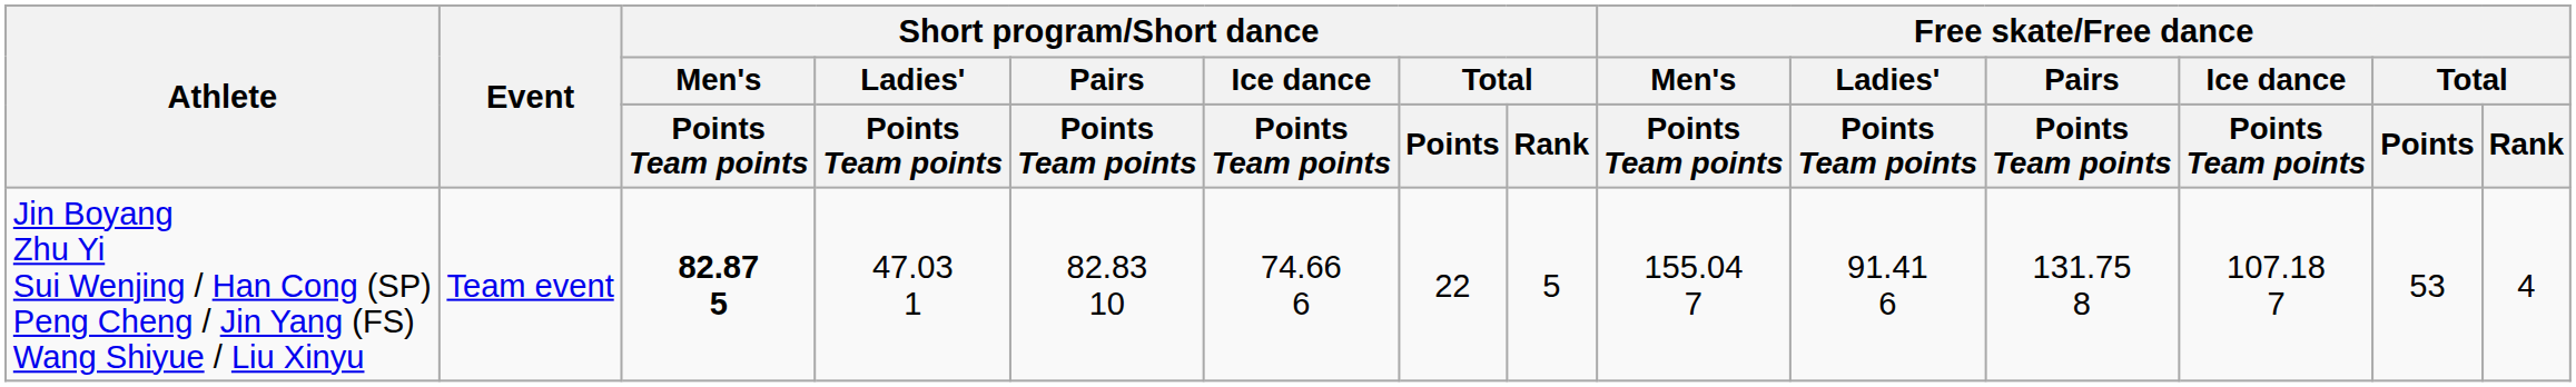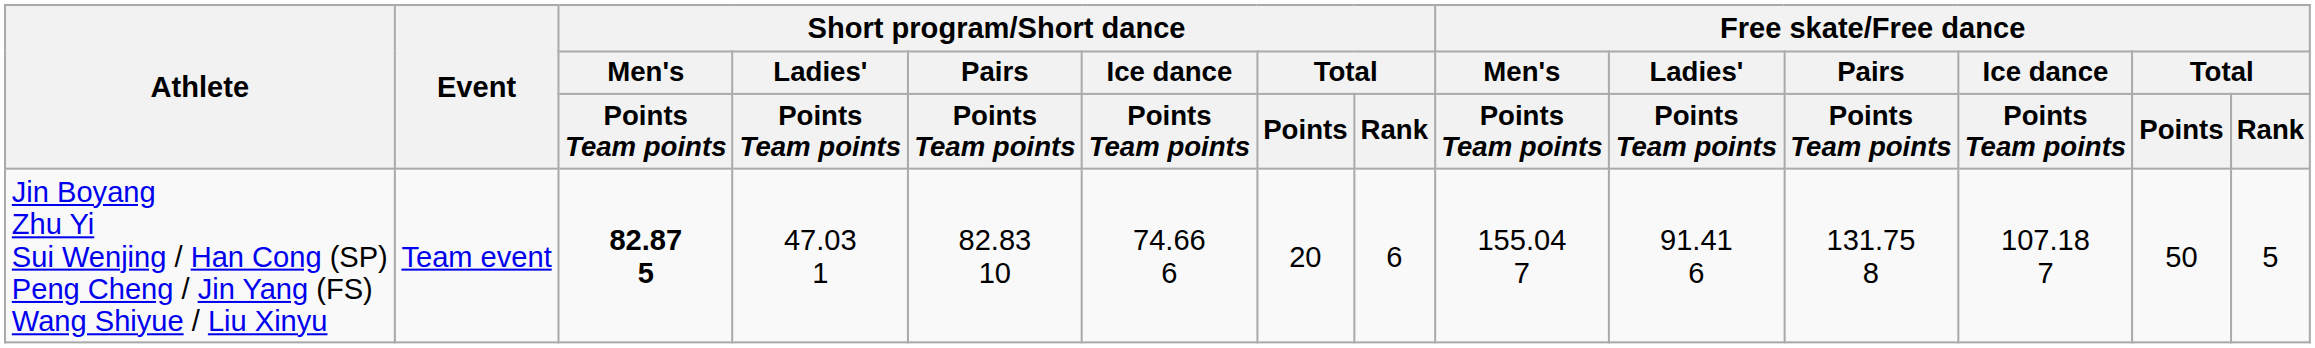 <table class=wikitable style=font-size:90%;text-align:center>
 <tr>
 <th rowspan=3>Athlete</th>
 <th rowspan=3>Event</th>
 <th colspan=6>Short program/Short dance</th>
 <th colspan=6>Free skate/Free dance</th>
 </tr>
 <tr style="font-size:95%">
 <th>Men's</th>
 <th>Ladies'</th>
 <th>Pairs</th>
 <th>Ice dance</th>
 <th colspan=2>Total</th>
 <th>Men's</th>
 <th>Ladies'</th>
 <th>Pairs</th>
 <th>Ice dance</th>
 <th colspan=2>Total</th>
 </tr>
 <tr style="font-size:95%">
 <th>Points<br><em>Team points</em></th>
 <th>Points<br><em>Team points</em></th>
 <th>Points<br><em>Team points</em></th>
 <th>Points<br><em>Team points</em></th>
 <th>Points</th>
 <th>Rank</th>
 <th>Points<br><em>Team points</em></th>
 <th>Points<br><em>Team points</em></th>
 <th>Points<br><em>Team points</em></th>
 <th>Points<br><em>Team points</em></th>
 <th>Points</th>
 <th>Rank</th>
 </tr>
 <tr>
 <td align=left><a href='#'>Jin Boyang</a><br><a href='#'>Zhu Yi</a><br><a href='#'>Sui Wenjing</a> / <a href='#'>Han Cong</a> (SP) <br> <a href='#'>Peng Cheng</a> / <a href='#'>Jin Yang</a> (FS) <br><a href='#'>Wang Shiyue</a> / <a href='#'>Liu Xinyu</a></td>
 <td align=left><a href='#'>Team event</a></td>
 <td><strong>82.87<br>5</strong></td>
 <td>47.03<br>1</td>
 <td>82.83<br>10</td>
 <td>74.66<br>6</td>
-<td>22</td>
-<td>5</td>
+<td>20</td>
+<td>6</td>
 <td>155.04 <br>7</td>
 <td>91.41 <br>6</td>
 <td>131.75 <br>8</td>
 <td>107.18 <br>7</td>
-<td>53</td>
-<td>4</td>
+<td>50</td>
+<td>5</td>
 </tr>
 </table>
